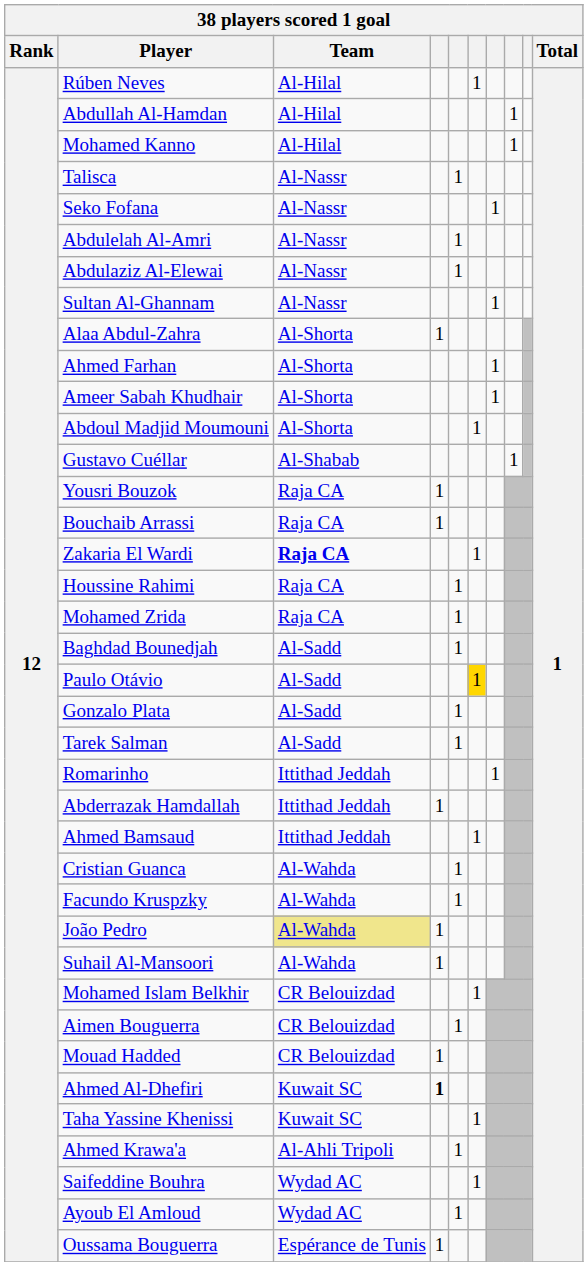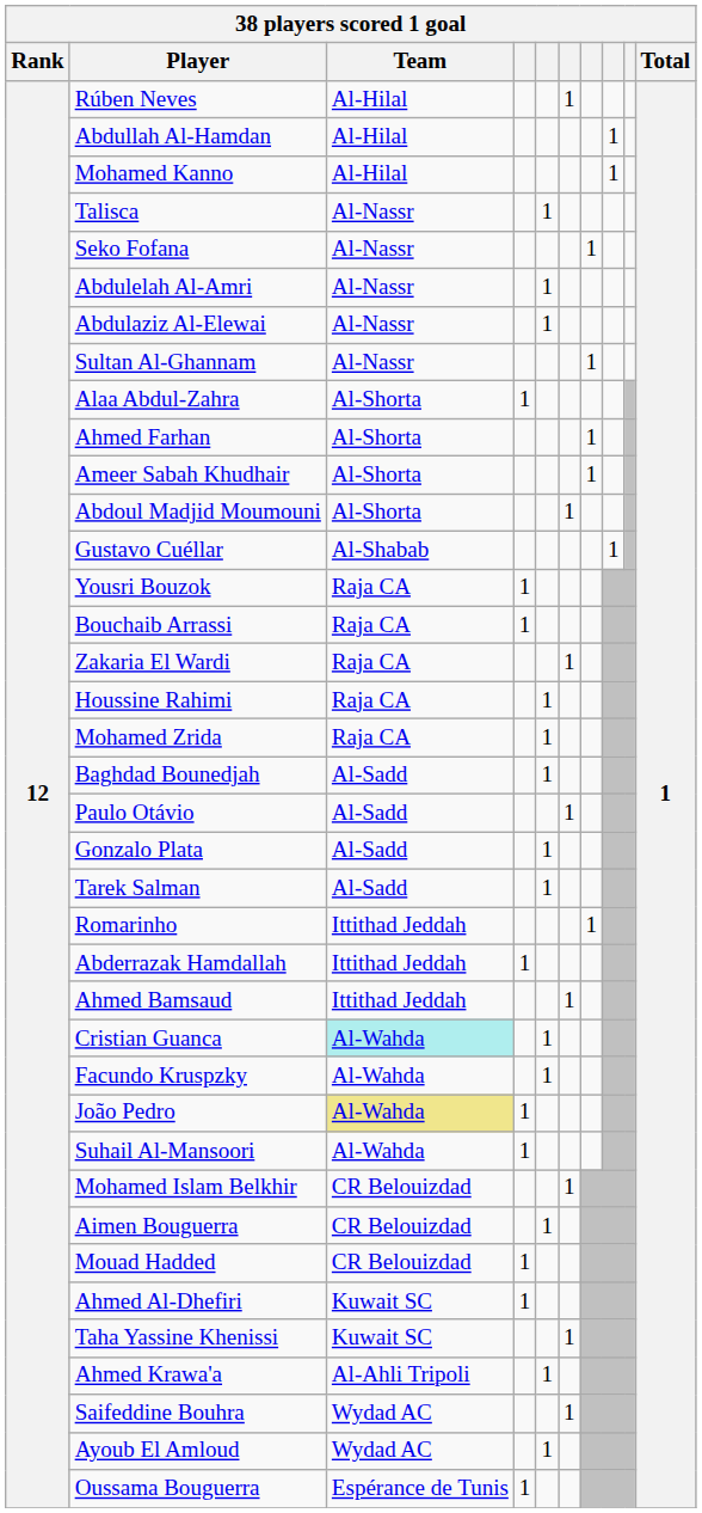 <table class="wikitable collapsible collapsed" style="text-align:center; font-size:85%">
 <tr>
 <th colspan=10>38 players scored 1 goal</th>
 </tr>
 <tr>
 <th>Rank</th>
 <th>Player</th>
 <th>Team</th>
 <th></th>
 <th></th>
 <th></th>
 <th></th>
 <th></th>
 <th></th>
 <th>Total</th>
 </tr>
 <tr>
 <th rowspan=38>12</th>
 <td align=left> <a href='#'>Rúben Neves</a></td>
 <td align=left> <a href='#'>Al-Hilal</a></td>
 <td></td>
 <td></td>
 <td>1</td>
 <td></td>
 <td></td>
 <td></td>
 <th rowspan=38>1</th>
 </tr>
 <tr>
 <td align=left> <a href='#'>Abdullah Al-Hamdan</a></td>
 <td align=left> <a href='#'>Al-Hilal</a></td>
 <td></td>
 <td></td>
 <td></td>
 <td></td>
 <td>1</td>
 <td></td>
 </tr>
 <tr>
 <td align=left> <a href='#'>Mohamed Kanno</a></td>
 <td align=left> <a href='#'>Al-Hilal</a></td>
 <td></td>
 <td></td>
 <td></td>
 <td></td>
 <td>1</td>
 <td></td>
 </tr>
 <tr>
 <td align=left> <a href='#'>Talisca</a></td>
 <td align=left> <a href='#'>Al-Nassr</a></td>
 <td></td>
 <td>1</td>
 <td></td>
 <td></td>
 <td></td>
 <td></td>
 </tr>
 <tr>
 <td align=left> <a href='#'>Seko Fofana</a></td>
 <td align=left> <a href='#'>Al-Nassr</a></td>
 <td></td>
 <td></td>
 <td></td>
 <td>1</td>
 <td></td>
 <td></td>
 </tr>
 <tr>
 <td align=left> <a href='#'>Abdulelah Al-Amri</a></td>
 <td align=left> <a href='#'>Al-Nassr</a></td>
 <td></td>
 <td>1</td>
 <td></td>
 <td></td>
 <td></td>
 <td></td>
 </tr>
 <tr>
 <td align=left> <a href='#'>Abdulaziz Al-Elewai</a></td>
 <td align=left> <a href='#'>Al-Nassr</a></td>
 <td></td>
 <td>1</td>
 <td></td>
 <td></td>
 <td></td>
 <td></td>
 </tr>
 <tr>
 <td align=left> <a href='#'>Sultan Al-Ghannam</a></td>
 <td align=left> <a href='#'>Al-Nassr</a></td>
 <td></td>
 <td></td>
 <td></td>
 <td>1</td>
 <td></td>
 <td></td>
 </tr>
 <tr>
 <td align=left> <a href='#'>Alaa Abdul-Zahra</a></td>
 <td align=left> <a href='#'>Al-Shorta</a></td>
 <td>1</td>
 <td></td>
 <td></td>
 <td></td>
 <td></td>
 <td bgcolor="silver"></td>
 </tr>
 <tr>
 <td align=left> <a href='#'>Ahmed Farhan</a></td>
 <td align=left> <a href='#'>Al-Shorta</a></td>
 <td></td>
 <td></td>
 <td></td>
 <td>1</td>
 <td></td>
 <td bgcolor="silver"></td>
 </tr>
 <tr>
 <td align=left> <a href='#'>Ameer Sabah Khudhair</a></td>
 <td align=left> <a href='#'>Al-Shorta</a></td>
 <td></td>
 <td></td>
 <td></td>
 <td>1</td>
 <td></td>
 <td bgcolor="silver"></td>
 </tr>
 <tr>
 <td align=left> <a href='#'>Abdoul Madjid Moumouni</a></td>
 <td align=left> <a href='#'>Al-Shorta</a></td>
 <td></td>
 <td></td>
 <td>1</td>
 <td></td>
 <td></td>
 <td bgcolor="silver"></td>
 </tr>
 <tr>
 <td align=left> <a href='#'>Gustavo Cuéllar</a></td>
 <td align=left> <a href='#'>Al-Shabab</a></td>
 <td></td>
 <td></td>
 <td></td>
 <td></td>
 <td>1</td>
 <td bgcolor="silver"></td>
 </tr>
 <tr>
 <td align=left> <a href='#'>Yousri Bouzok</a></td>
 <td align=left> <a href='#'>Raja CA</a></td>
 <td>1</td>
 <td></td>
 <td></td>
 <td></td>
 <td bgcolor="silver" colspan=2></td>
 </tr>
 <tr>
 <td align=left> <a href='#'>Bouchaib Arrassi</a></td>
 <td align=left> <a href='#'>Raja CA</a></td>
 <td>1</td>
 <td></td>
 <td></td>
 <td></td>
 <td bgcolor="silver" colspan=2></td>
 </tr>
 <tr>
 <td align=left> <a href='#'>Zakaria El Wardi</a></td>
-<td align=left><strong> <a href='#'>Raja CA</a></strong></td>
+<td align=left> <a href='#'>Raja CA</a></td>
 <td></td>
 <td></td>
 <td>1</td>
 <td></td>
 <td bgcolor="silver" colspan=2></td>
 </tr>
 <tr>
 <td align=left> <a href='#'>Houssine Rahimi</a></td>
 <td align=left> <a href='#'>Raja CA</a></td>
 <td></td>
 <td>1</td>
 <td></td>
 <td></td>
 <td bgcolor="silver" colspan=2></td>
 </tr>
 <tr>
 <td align=left> <a href='#'>Mohamed Zrida</a></td>
 <td align=left> <a href='#'>Raja CA</a></td>
 <td></td>
 <td>1</td>
 <td></td>
 <td></td>
 <td bgcolor="silver" colspan=2></td>
 </tr>
 <tr>
 <td align=left> <a href='#'>Baghdad Bounedjah</a></td>
 <td align=left> <a href='#'>Al-Sadd</a></td>
 <td></td>
 <td>1</td>
 <td></td>
 <td></td>
 <td bgcolor="silver" colspan=2></td>
 </tr>
 <tr>
 <td align=left> <a href='#'>Paulo Otávio</a></td>
 <td align=left> <a href='#'>Al-Sadd</a></td>
 <td></td>
 <td></td>
-<td style="background: gold;">1</td>
+<td>1</td>
 <td></td>
 <td bgcolor="silver" colspan=2></td>
 </tr>
 <tr>
 <td align=left> <a href='#'>Gonzalo Plata</a></td>
 <td align=left> <a href='#'>Al-Sadd</a></td>
 <td></td>
 <td>1</td>
 <td></td>
 <td></td>
 <td bgcolor="silver" colspan=2></td>
 </tr>
 <tr>
 <td align=left> <a href='#'>Tarek Salman</a></td>
 <td align=left> <a href='#'>Al-Sadd</a></td>
 <td></td>
 <td>1</td>
 <td></td>
 <td></td>
 <td bgcolor="silver" colspan=2></td>
 </tr>
 <tr>
 <td align=left> <a href='#'>Romarinho</a></td>
 <td align=left> <a href='#'>Ittithad Jeddah</a></td>
 <td></td>
 <td></td>
 <td></td>
 <td>1</td>
 <td bgcolor="silver" colspan=2></td>
 </tr>
 <tr>
 <td align=left> <a href='#'>Abderrazak Hamdallah</a></td>
 <td align=left> <a href='#'>Ittithad Jeddah</a></td>
 <td>1</td>
 <td></td>
 <td></td>
 <td></td>
 <td bgcolor="silver" colspan=2></td>
 </tr>
 <tr>
 <td align=left> <a href='#'>Ahmed Bamsaud</a></td>
 <td align=left> <a href='#'>Ittithad Jeddah</a></td>
 <td></td>
 <td></td>
 <td>1</td>
 <td></td>
 <td bgcolor="silver" colspan=2></td>
 </tr>
 <tr>
 <td align=left> <a href='#'>Cristian Guanca</a></td>
-<td align=left> <a href='#'>Al-Wahda</a></td>
+<td align=left style="background: paleturquoise;"> <a href='#'>Al-Wahda</a></td>
 <td></td>
 <td>1</td>
 <td></td>
 <td></td>
 <td bgcolor="silver" colspan=2></td>
 </tr>
 <tr>
 <td align=left> <a href='#'>Facundo Kruspzky</a></td>
 <td align=left> <a href='#'>Al-Wahda</a></td>
 <td></td>
 <td>1</td>
 <td></td>
 <td></td>
 <td bgcolor="silver" colspan=2></td>
 </tr>
 <tr>
 <td align=left> <a href='#'>João Pedro</a></td>
 <td align=left style="background: khaki;"> <a href='#'>Al-Wahda</a></td>
 <td>1</td>
 <td></td>
 <td></td>
 <td></td>
 <td bgcolor="silver" colspan=2></td>
 </tr>
 <tr>
 <td align=left> <a href='#'>Suhail Al-Mansoori</a></td>
 <td align=left> <a href='#'>Al-Wahda</a></td>
 <td>1</td>
 <td></td>
 <td></td>
 <td></td>
 <td bgcolor="silver" colspan=2></td>
 </tr>
 <tr>
 <td align=left> <a href='#'>Mohamed Islam Belkhir</a></td>
 <td align=left> <a href='#'>CR Belouizdad</a></td>
 <td></td>
 <td></td>
 <td>1</td>
 <td bgcolor="silver" colspan=3></td>
 </tr>
 <tr>
 <td align=left> <a href='#'>Aimen Bouguerra</a></td>
 <td align=left> <a href='#'>CR Belouizdad</a></td>
 <td></td>
 <td>1</td>
 <td></td>
 <td bgcolor="silver" colspan=3></td>
 </tr>
 <tr>
 <td align=left> <a href='#'>Mouad Hadded</a></td>
 <td align=left> <a href='#'>CR Belouizdad</a></td>
 <td>1</td>
 <td></td>
 <td></td>
 <td bgcolor="silver" colspan=3></td>
 </tr>
 <tr>
 <td align=left> <a href='#'>Ahmed Al-Dhefiri</a></td>
 <td align=left> <a href='#'>Kuwait SC</a></td>
-<td><strong>1</strong></td>
+<td>1</td>
 <td></td>
 <td></td>
 <td bgcolor="silver" colspan=3></td>
 </tr>
 <tr>
 <td align=left> <a href='#'>Taha Yassine Khenissi</a></td>
 <td align=left> <a href='#'>Kuwait SC</a></td>
 <td></td>
 <td></td>
 <td>1</td>
 <td bgcolor="silver" colspan=3></td>
 </tr>
 <tr>
 <td align=left> <a href='#'>Ahmed Krawa'a</a></td>
 <td align=left> <a href='#'>Al-Ahli Tripoli</a></td>
 <td></td>
 <td>1</td>
 <td></td>
 <td bgcolor="silver" colspan=3></td>
 </tr>
 <tr>
 <td align=left> <a href='#'>Saifeddine Bouhra</a></td>
 <td align=left> <a href='#'>Wydad AC</a></td>
 <td></td>
 <td></td>
 <td>1</td>
 <td bgcolor="silver" colspan=3></td>
 </tr>
 <tr>
 <td align=left> <a href='#'>Ayoub El Amloud</a></td>
 <td align=left> <a href='#'>Wydad AC</a></td>
 <td></td>
 <td>1</td>
 <td></td>
 <td bgcolor="silver" colspan=3></td>
 </tr>
 <tr>
 <td align=left> <a href='#'>Oussama Bouguerra</a></td>
 <td align=left> <a href='#'>Espérance de Tunis</a></td>
 <td>1</td>
 <td></td>
 <td></td>
 <td bgcolor="silver" colspan=3></td>
 </tr>
 </table>
